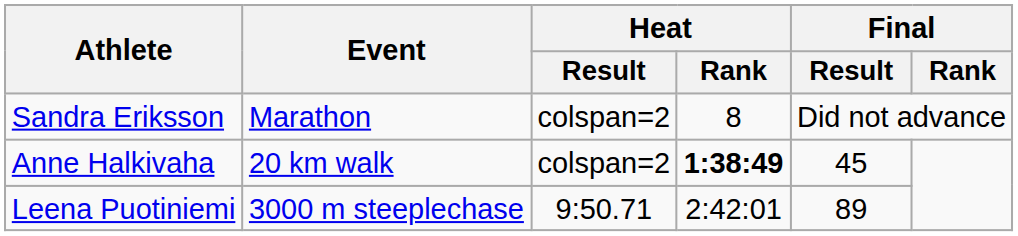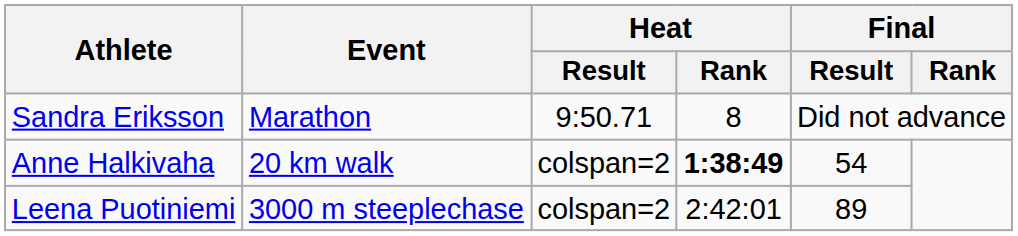 <table class="wikitable" style="font-size:90%">
 <tr>
 <th rowspan="2">Athlete</th>
 <th rowspan="2">Event</th>
 <th colspan="2">Heat</th>
 <th colspan="2">Final</th>
 </tr>
 <tr style="font-size:95%">
 <th>Result</th>
 <th>Rank</th>
 <th>Result</th>
 <th>Rank</th>
 </tr>
 <tr align=center>
 <td align=left><a href='#'>Sandra Eriksson</a></td>
 <td align=left><a href='#'>Marathon</a></td>
-<td>colspan=2 </td>
+<td>9:50.71</td>
 <td>8</td>
 <td colspan=2>Did not advance</td>
 </tr>
 <tr align=center>
 <td align=left><a href='#'>Anne Halkivaha</a></td>
 <td align=left><a href='#'>20 km walk</a></td>
 <td>colspan=2 </td>
 <td><strong>1:38:49</strong></td>
-<td>45</td>
+<td>54</td>
 </tr>
 <tr align=center>
 <td align=left><a href='#'>Leena Puotiniemi</a></td>
 <td align=left><a href='#'>3000 m steeplechase</a></td>
-<td>9:50.71</td>
+<td>colspan=2 </td>
 <td>2:42:01</td>
 <td>89</td>
 </tr>
 </table>
